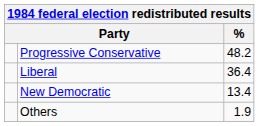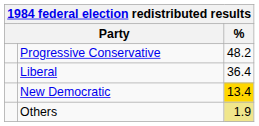 <table class="wikitable">
 <tr>
 <th colspan="4"><a href='#'>1984 federal election</a> redistributed results</th>
 </tr>
 <tr>
 <th bgcolor="#DDDDFF" width="130px" colspan="2">Party</th>
 <th bgcolor="#DDDDFF" width="30px">%</th>
 </tr>
 <tr>
 <td> </td>
 <td><a href='#'>Progressive Conservative</a></td>
 <td align=right>48.2</td>
 </tr>
 <tr>
 <td> </td>
 <td><a href='#'>Liberal</a></td>
 <td align=right>36.4</td>
 </tr>
 <tr>
 <td> </td>
 <td><a href='#'>New Democratic</a></td>
-<td align=right>13.4</td>
+<td align=right style="background: gold;">13.4</td>
 </tr>
 <tr>
 <td> </td>
 <td>Others</td>
-<td align=right>1.9</td>
+<td align=right style="background: khaki;">1.9</td>
 </tr>
 </table>
